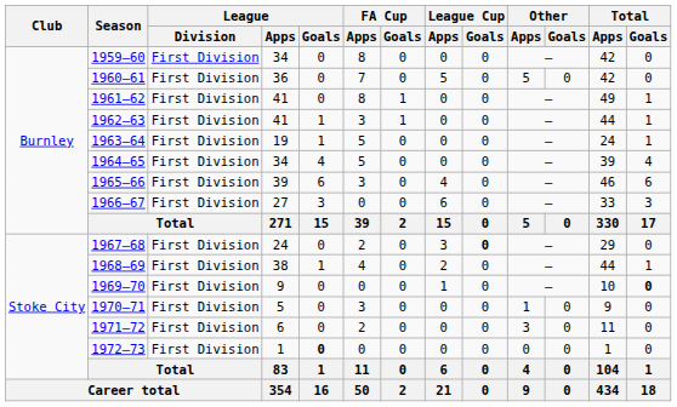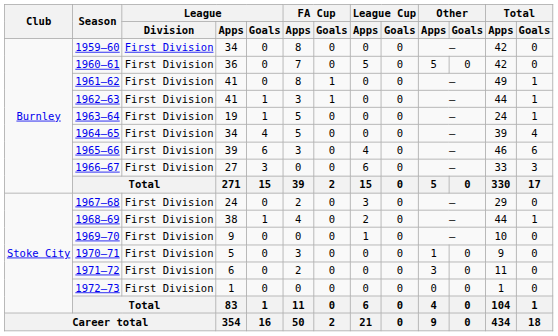 <table class="wikitable" style="text-align: center;">
 <tr>
 <th rowspan="2">Club</th>
 <th rowspan="2">Season</th>
 <th colspan="3">League</th>
 <th colspan="2">FA Cup</th>
 <th colspan="2">League Cup</th>
 <th colspan="2">Other</th>
 <th colspan="2">Total</th>
 </tr>
 <tr>
 <th>Division</th>
 <th>Apps</th>
 <th>Goals</th>
 <th>Apps</th>
 <th>Goals</th>
 <th>Apps</th>
 <th>Goals</th>
 <th>Apps</th>
 <th>Goals</th>
 <th>Apps</th>
 <th>Goals</th>
 </tr>
 <tr>
 <td rowspan="9"><a href='#'>Burnley</a></td>
 <td><a href='#'>1959–60</a></td>
 <td><a href='#'>First Division</a></td>
 <td>34</td>
 <td>0</td>
 <td>8</td>
 <td>0</td>
 <td>0</td>
 <td>0</td>
 <td colspan="2">—</td>
 <td>42</td>
 <td>0</td>
 </tr>
 <tr>
 <td><a href='#'>1960–61</a></td>
 <td>First Division</td>
 <td>36</td>
 <td>0</td>
 <td>7</td>
 <td>0</td>
 <td>5</td>
 <td>0</td>
 <td>5</td>
 <td>0</td>
 <td>42</td>
 <td>0</td>
 </tr>
 <tr>
 <td><a href='#'>1961–62</a></td>
 <td>First Division</td>
 <td>41</td>
 <td>0</td>
 <td>8</td>
 <td>1</td>
 <td>0</td>
 <td>0</td>
 <td colspan="2">—</td>
 <td>49</td>
 <td>1</td>
 </tr>
 <tr>
 <td><a href='#'>1962–63</a></td>
 <td>First Division</td>
 <td>41</td>
 <td>1</td>
 <td>3</td>
 <td>1</td>
 <td>0</td>
 <td>0</td>
 <td colspan="2">—</td>
 <td>44</td>
 <td>1</td>
 </tr>
 <tr>
 <td><a href='#'>1963–64</a></td>
 <td>First Division</td>
 <td>19</td>
 <td>1</td>
 <td>5</td>
 <td>0</td>
 <td>0</td>
 <td>0</td>
 <td colspan="2">—</td>
 <td>24</td>
 <td>1</td>
 </tr>
 <tr>
 <td><a href='#'>1964–65</a></td>
 <td>First Division</td>
 <td>34</td>
 <td>4</td>
 <td>5</td>
 <td>0</td>
 <td>0</td>
 <td>0</td>
 <td colspan="2">—</td>
 <td>39</td>
 <td>4</td>
 </tr>
 <tr>
 <td><a href='#'>1965–66</a></td>
 <td>First Division</td>
 <td>39</td>
 <td>6</td>
 <td>3</td>
 <td>0</td>
 <td>4</td>
 <td>0</td>
 <td colspan="2">—</td>
 <td>46</td>
 <td>6</td>
 </tr>
 <tr>
 <td><a href='#'>1966–67</a></td>
 <td>First Division</td>
 <td>27</td>
 <td>3</td>
 <td>0</td>
 <td>0</td>
 <td>6</td>
 <td>0</td>
 <td colspan="2">—</td>
 <td>33</td>
 <td>3</td>
 </tr>
 <tr>
 <th colspan=2>Total</th>
 <th>271</th>
 <th>15</th>
 <th>39</th>
 <th>2</th>
 <th>15</th>
 <th>0</th>
 <th>5</th>
 <th>0</th>
 <th>330</th>
 <th>17</th>
 </tr>
 <tr>
 <td rowspan="7"><a href='#'>Stoke City</a></td>
 <td><a href='#'>1967–68</a></td>
 <td>First Division</td>
 <td>24</td>
 <td>0</td>
 <td>2</td>
 <td>0</td>
 <td>3</td>
-<td><strong>0</strong></td>
+<td>0</td>
 <td colspan="2">—</td>
 <td>29</td>
 <td>0</td>
 </tr>
 <tr>
 <td><a href='#'>1968–69</a></td>
 <td>First Division</td>
 <td>38</td>
 <td>1</td>
 <td>4</td>
 <td>0</td>
 <td>2</td>
 <td>0</td>
 <td colspan="2">—</td>
 <td>44</td>
 <td>1</td>
 </tr>
 <tr>
 <td><a href='#'>1969–70</a></td>
 <td>First Division</td>
 <td>9</td>
 <td>0</td>
 <td>0</td>
 <td>0</td>
 <td>1</td>
 <td>0</td>
 <td colspan="2">—</td>
 <td>10</td>
-<td><strong>0</strong></td>
+<td>0</td>
 </tr>
 <tr>
 <td><a href='#'>1970–71</a></td>
 <td>First Division</td>
 <td>5</td>
 <td>0</td>
 <td>3</td>
 <td>0</td>
 <td>0</td>
 <td>0</td>
 <td>1</td>
 <td>0</td>
 <td>9</td>
 <td>0</td>
 </tr>
 <tr>
 <td><a href='#'>1971–72</a></td>
 <td>First Division</td>
 <td>6</td>
 <td>0</td>
 <td>2</td>
 <td>0</td>
 <td>0</td>
 <td>0</td>
 <td>3</td>
 <td>0</td>
 <td>11</td>
 <td>0</td>
 </tr>
 <tr>
 <td><a href='#'>1972–73</a></td>
 <td>First Division</td>
 <td>1</td>
-<td><strong>0</strong></td>
+<td>0</td>
 <td>0</td>
 <td>0</td>
 <td>0</td>
 <td>0</td>
 <td>0</td>
 <td>0</td>
 <td>1</td>
 <td>0</td>
 </tr>
 <tr>
 <th colspan=2>Total</th>
 <th>83</th>
 <th>1</th>
 <th>11</th>
 <th>0</th>
 <th>6</th>
 <th>0</th>
 <th>4</th>
 <th>0</th>
 <th>104</th>
 <th>1</th>
 </tr>
 <tr>
 <th colspan="3">Career total</th>
 <th>354</th>
 <th>16</th>
 <th>50</th>
 <th>2</th>
 <th>21</th>
 <th>0</th>
 <th>9</th>
 <th>0</th>
 <th>434</th>
 <th>18</th>
 </tr>
 </table>
